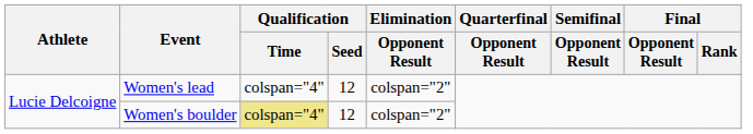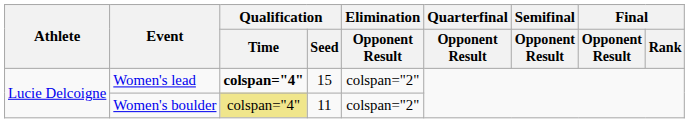 <table class="wikitable" style="text-align:center; font-size:90%">
 <tr>
 <th rowspan="2">Athlete</th>
 <th rowspan="2">Event</th>
 <th colspan="2">Qualification</th>
 <th>Elimination</th>
 <th>Quarterfinal</th>
 <th>Semifinal</th>
 <th colspan="2">Final</th>
 </tr>
 <tr style="font-size:95%">
 <th>Time</th>
 <th>Seed</th>
 <th>Opponent<br>Result</th>
 <th>Opponent<br>Result</th>
 <th>Opponent<br>Result</th>
 <th>Opponent<br>Result</th>
 <th>Rank</th>
 </tr>
 <tr>
 <td align="left" rowspan="2"><a href='#'>Lucie Delcoigne</a></td>
 <td align="left"><a href='#'>Women's lead</a></td>
-<td>colspan="4" </td>
-<td>12</td>
+<td><strong>colspan="4" </strong></td>
+<td>15</td>
 <td>colspan="2" </td>
 </tr>
 <tr>
 <td align="left"><a href='#'>Women's boulder</a></td>
 <td style="background: khaki;">colspan="4" </td>
-<td>12</td>
+<td>11</td>
 <td>colspan="2" </td>
 </tr>
 </table>
